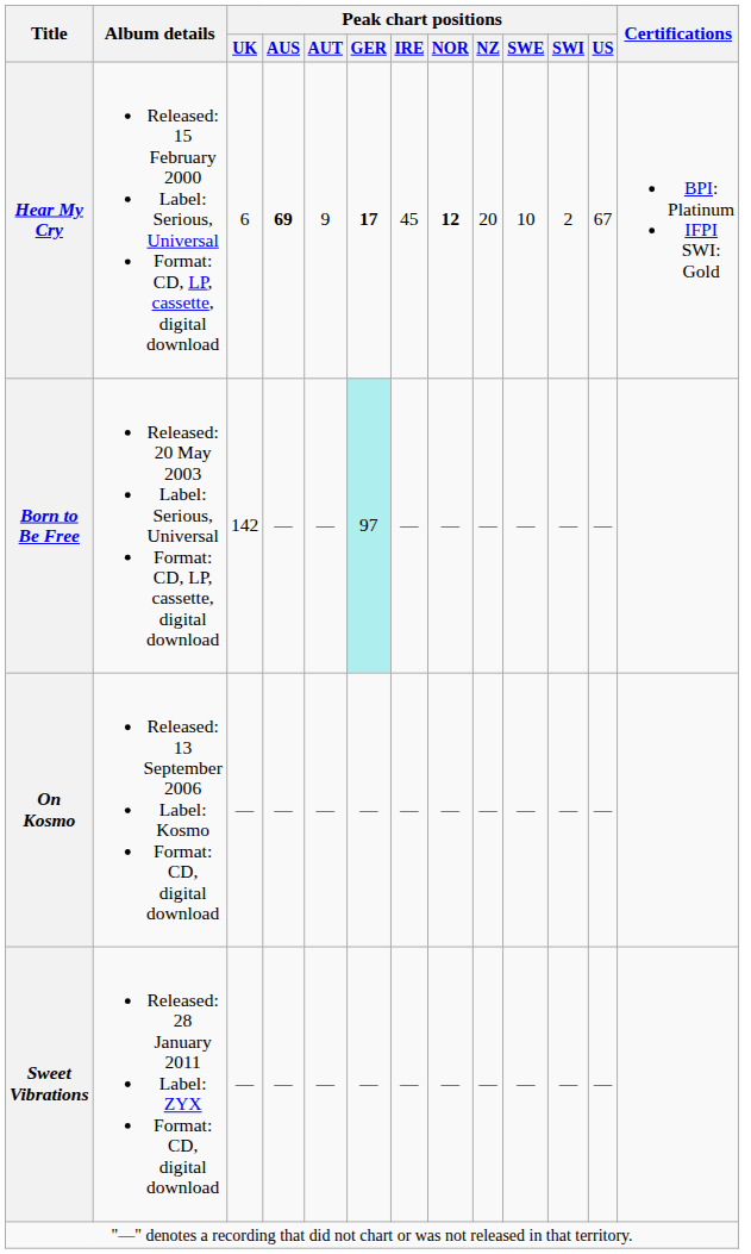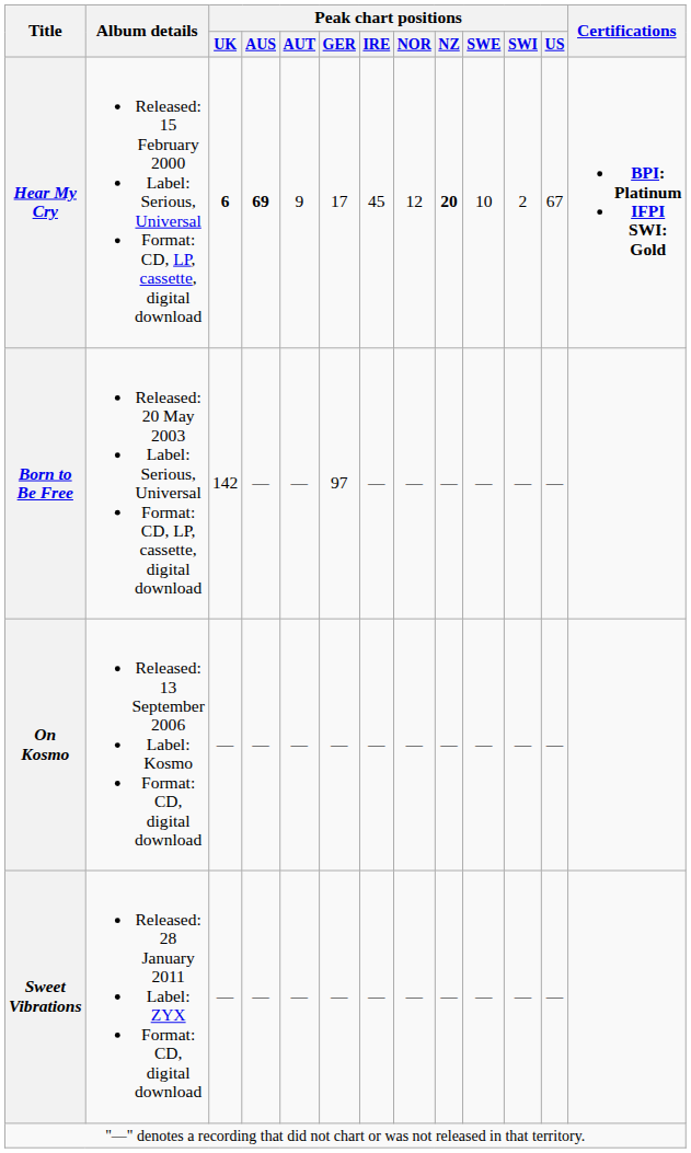 <table class="wikitable plainrowheaders" style="text-align:center;">
 <tr>
 <th scope="col" rowspan="2" style="width:11em;">Title</th>
 <th scope="col" rowspan="2" style="width:16em;">Album details</th>
 <th scope="col" colspan="10">Peak chart positions</th>
 <th scope="col" rowspan="2" style="width:12em;"><a href='#'>Certifications</a></th>
 </tr>
 <tr>
 <th style="width:3em;font-size:90%;"><a href='#'>UK</a><br></th>
 <th style="width:3em;font-size:90%;"><a href='#'>AUS</a><br></th>
 <th style="width:3em;font-size:90%;"><a href='#'>AUT</a><br></th>
 <th style="width:3em;font-size:90%;"><a href='#'>GER</a><br></th>
 <th style="width:3em;font-size:90%;"><a href='#'>IRE</a><br></th>
 <th style="width:3em;font-size:90%;"><a href='#'>NOR</a><br></th>
 <th style="width:3em;font-size:90%;"><a href='#'>NZ</a><br></th>
 <th style="width:3em;font-size:90%;"><a href='#'>SWE</a><br></th>
 <th style="width:3em;font-size:90%;"><a href='#'>SWI</a><br></th>
 <th style="width:3em;font-size:90%;"><a href='#'>US</a><br></th>
 </tr>
 <tr>
 <th scope="row"><em><a href='#'>Hear My Cry</a></em></th>
 <td><br><ul><li>Released: 15 February 2000</li><li>Label: Serious, <a href='#'>Universal</a></li><li>Format: CD, <a href='#'>LP</a>, <a href='#'>cassette</a>, digital download</li></ul></td>
-<td>6</td>
+<td><strong>6</strong></td>
 <td><strong>69</strong></td>
 <td>9</td>
-<td><strong>17</strong></td>
+<td>17</td>
 <td>45</td>
-<td><strong>12</strong></td>
-<td>20</td>
+<td>12</td>
+<td><strong>20</strong></td>
 <td>10</td>
 <td>2</td>
 <td>67</td>
-<td><br><ul><li><a href='#'>BPI</a>: Platinum</li><li><a href='#'>IFPI</a> SWI: Gold</li></ul></td>
+<td><strong><br><ul><li><a href='#'>BPI</a>: Platinum</li><li><a href='#'>IFPI</a> SWI: Gold</li></ul></strong></td>
 </tr>
 <tr>
 <th scope="row"><em><a href='#'>Born to Be Free</a></em></th>
 <td><br><ul><li>Released: 20 May 2003</li><li>Label: Serious, Universal</li><li>Format: CD, LP, cassette, digital download</li></ul></td>
 <td>142</td>
 <td>—</td>
 <td>—</td>
-<td style="background: paleturquoise;">97</td>
+<td>97</td>
 <td>—</td>
 <td>—</td>
 <td>—</td>
 <td>—</td>
 <td>—</td>
 <td>—</td>
 <td></td>
 </tr>
 <tr>
 <th scope="row"><em>On Kosmo</em></th>
 <td><br><ul><li>Released: 13 September 2006</li><li>Label: Kosmo</li><li>Format: CD, digital download</li></ul></td>
 <td>—</td>
 <td>—</td>
 <td>—</td>
 <td>—</td>
 <td>—</td>
 <td>—</td>
 <td>—</td>
 <td>—</td>
 <td>—</td>
 <td>—</td>
 <td></td>
 </tr>
 <tr>
 <th scope="row"><em>Sweet Vibrations</em></th>
 <td><br><ul><li>Released: 28 January 2011</li><li>Label: <a href='#'>ZYX</a></li><li>Format: CD, digital download</li></ul></td>
 <td>—</td>
 <td>—</td>
 <td>—</td>
 <td>—</td>
 <td>—</td>
 <td>—</td>
 <td>—</td>
 <td>—</td>
 <td>—</td>
 <td>—</td>
 <td></td>
 </tr>
 <tr>
 <td colspan="14" style="font-size:90%">"—" denotes a recording that did not chart or was not released in that territory.</td>
 </tr>
 </table>
